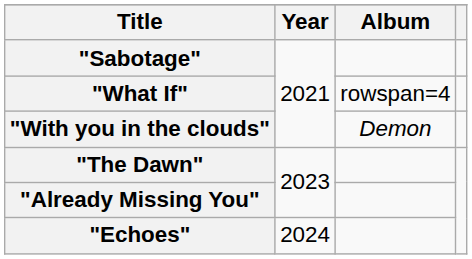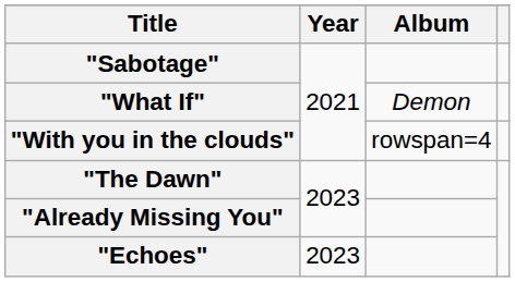 <table class="wikitable plainrowheaders">
 <tr>
 </tr>
 <tr>
 <th scope="col">Title</th>
 <th scope="col">Year</th>
 <th scope="col">Album</th>
 <th scope="col"></th>
 </tr>
 <tr>
 <th scope="row">"Sabotage"<br></th>
 <td rowspan="3">2021</td>
 <td></td>
 <td align="center"></td>
 </tr>
 <tr>
 <th scope="row">"What If"<br></th>
-<td>rowspan=4 </td>
+<td align="center"><em>Demon</em></td>
 <td align="center"></td>
 </tr>
 <tr>
 <th scope="row">"With you in the clouds"<br></th>
-<td align="center"><em>Demon</em></td>
+<td>rowspan=4 </td>
 <td></td>
 </tr>
 <tr>
 <th scope="row">"The Dawn"<br></th>
 <td rowspan="2">2023</td>
 <td></td>
 </tr>
 <tr>
 <th scope="row">"Already Missing You"<br></th>
 <td></td>
 </tr>
 <tr>
 <th scope="row">"Echoes"<br></th>
-<td>2024</td>
+<td>2023</td>
 <td align="center"></td>
 </tr>
 </table>
